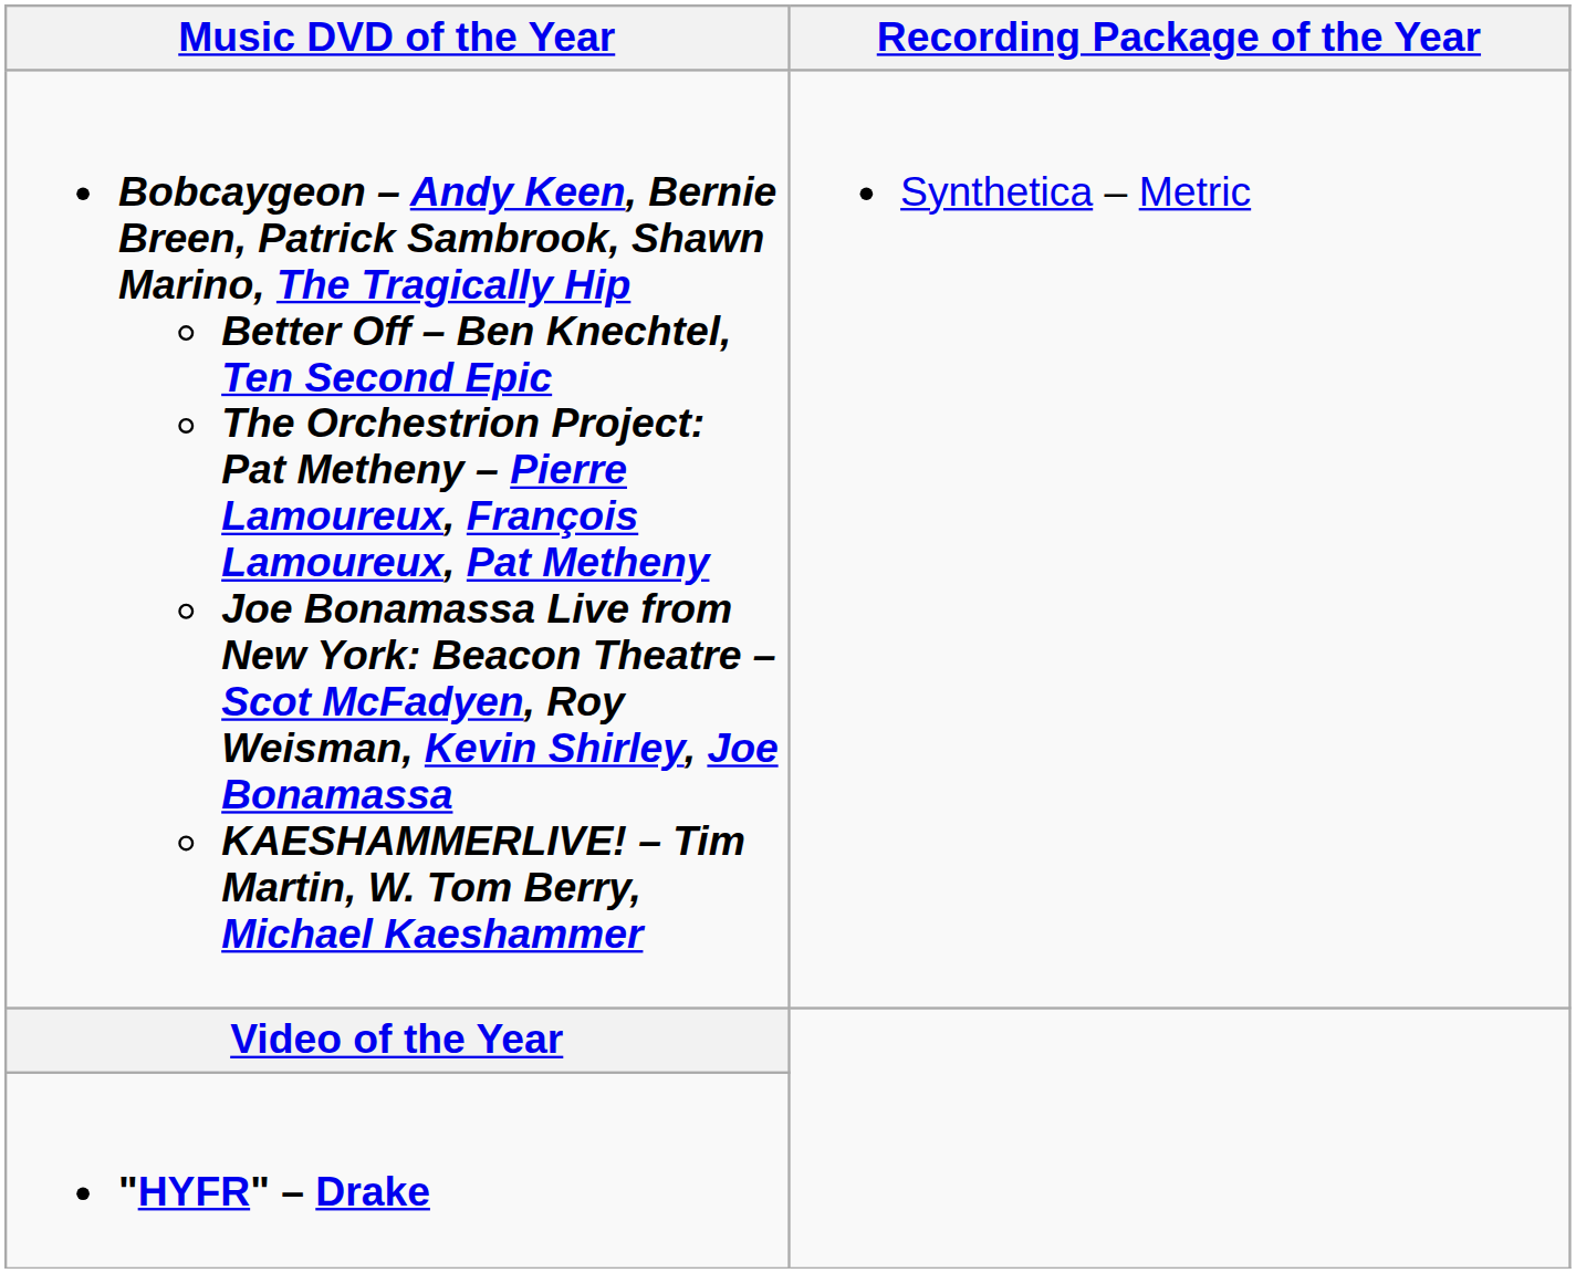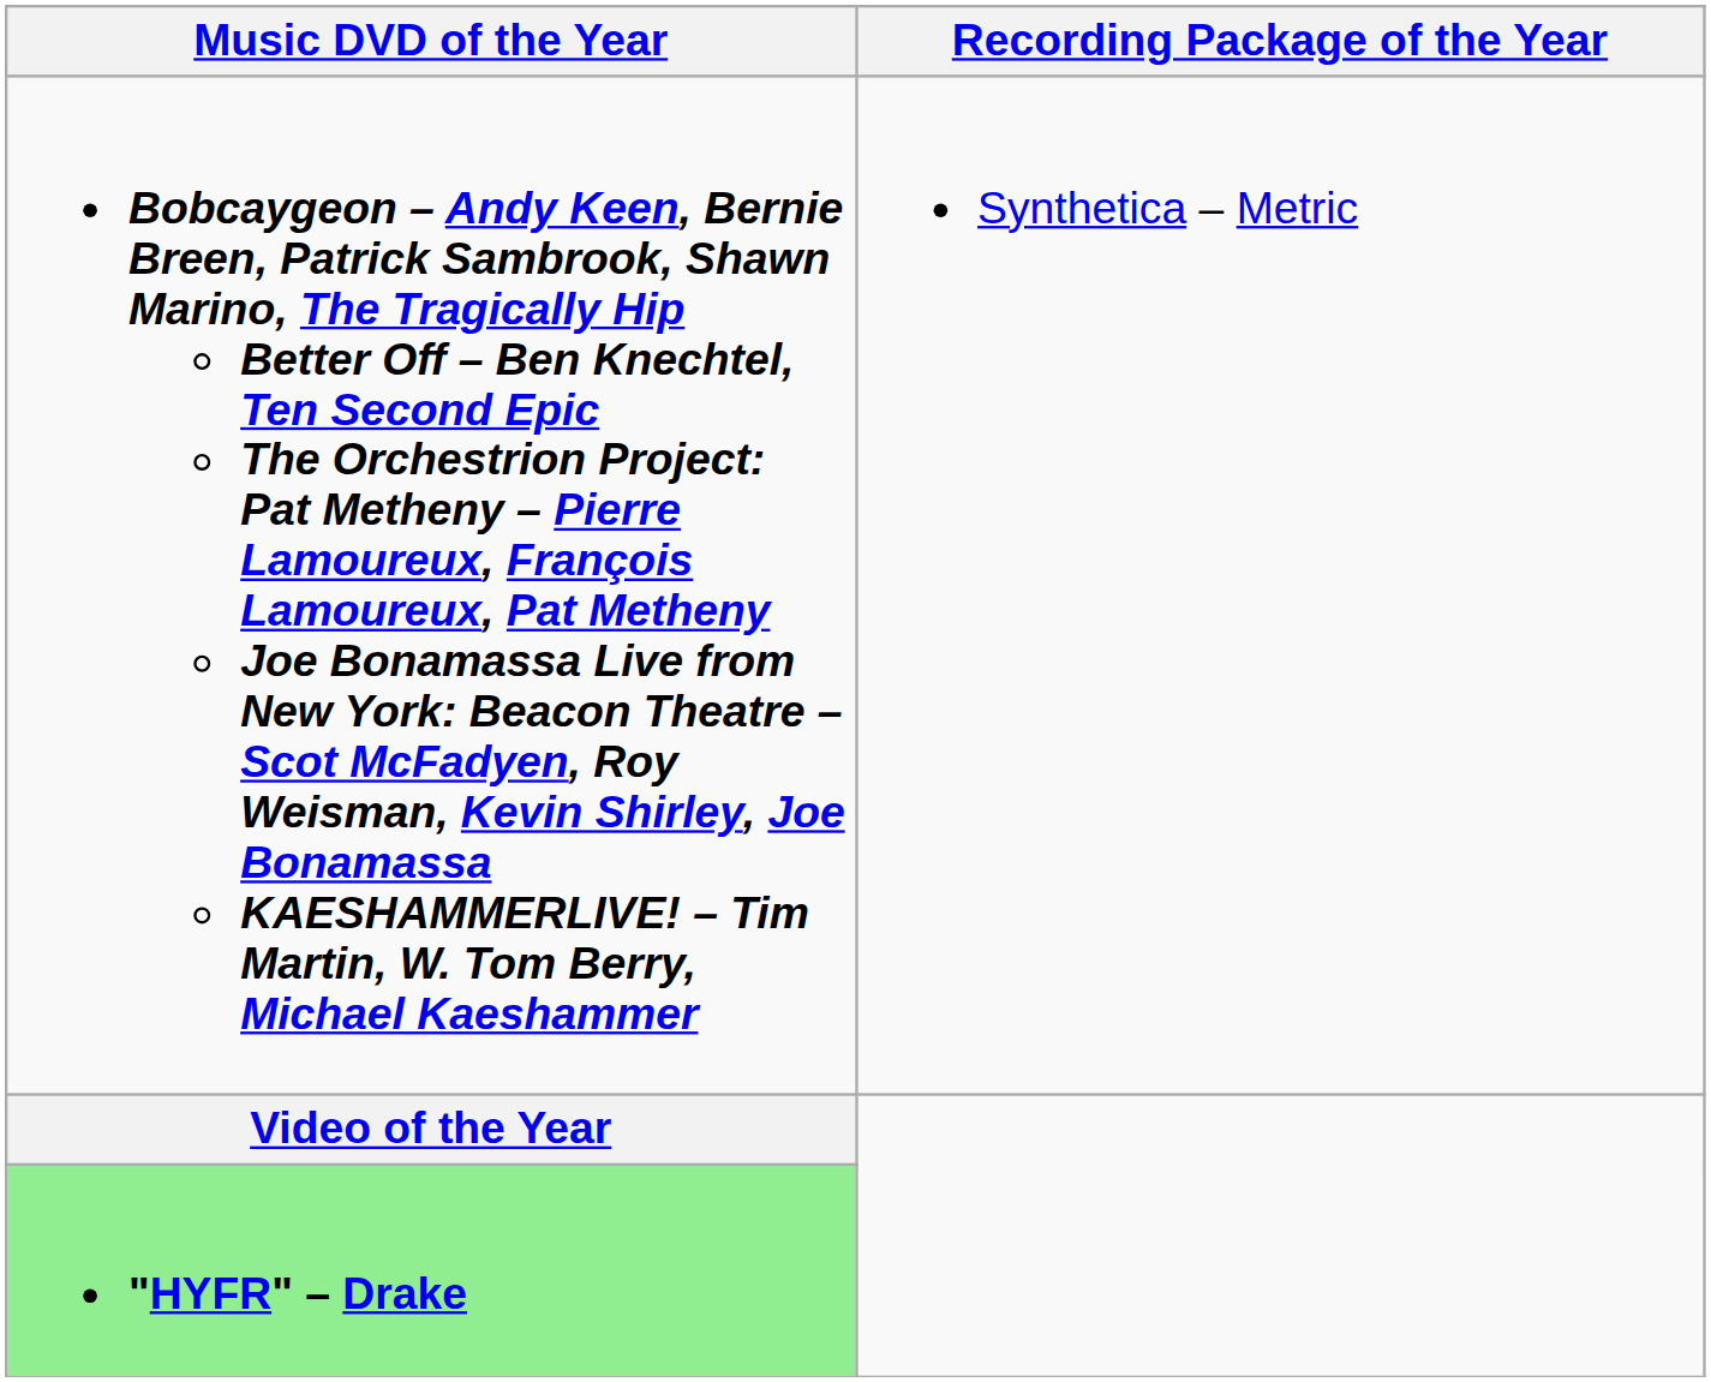 <table class=wikitable>
 <tr>
 <th style="width:50%"><a href='#'>Music DVD of the Year</a></th>
 <th style="width:50%"><a href='#'>Recording Package of the Year</a></th>
 </tr>
 <tr>
 <td valign="top"><br><ul><li> <strong><em>Bobcaygeon<em> – <a href='#'>Andy Keen</a>, Bernie Breen, Patrick Sambrook, Shawn Marino, <a href='#'>The Tragically Hip</a><strong><ul><li></em>Better Off<em> – Ben Knechtel, <a href='#'>Ten Second Epic</a></li><li></em>The Orchestrion Project: Pat Metheny<em> – <a href='#'>Pierre Lamoureux</a>, <a href='#'>François Lamoureux</a>, <a href='#'>Pat Metheny</a></li><li></em>Joe Bonamassa Live from New York: Beacon Theatre<em> – <a href='#'>Scot McFadyen</a>, Roy Weisman, <a href='#'>Kevin Shirley</a>, <a href='#'>Joe Bonamassa</a></li><li></em>KAESHAMMERLIVE!<em> – Tim Martin, W. Tom Berry, <a href='#'>Michael Kaeshammer</a></li></ul></li></ul></td>
 <td valign="top"><br><ul><li> </em></strong><a href='#'>Synthetica</a></em> – <a href='#'>Metric</a></strong></li></ul></td>
 </tr>
 <tr>
 <th style="width:50%"><a href='#'>Video of the Year</a></th>
 </tr>
 <tr>
-<td valign="top"><br><ul><li> <strong>"<a href='#'>HYFR</a>" – <a href='#'>Drake</a></strong></li></ul></td>
+<td valign="top" style="background: lightgreen;"><br><ul><li> <strong>"<a href='#'>HYFR</a>" – <a href='#'>Drake</a></strong></li></ul></td>
 </tr>
 </table>
